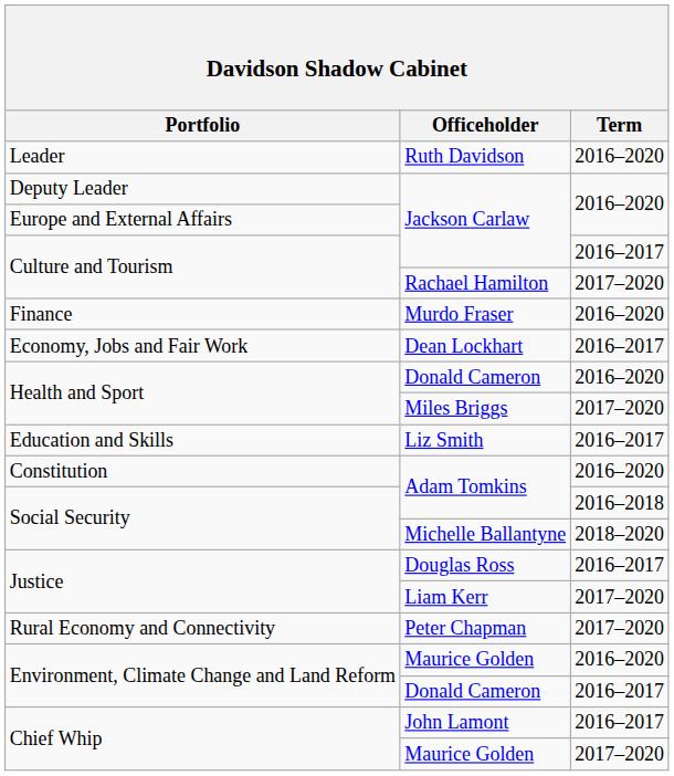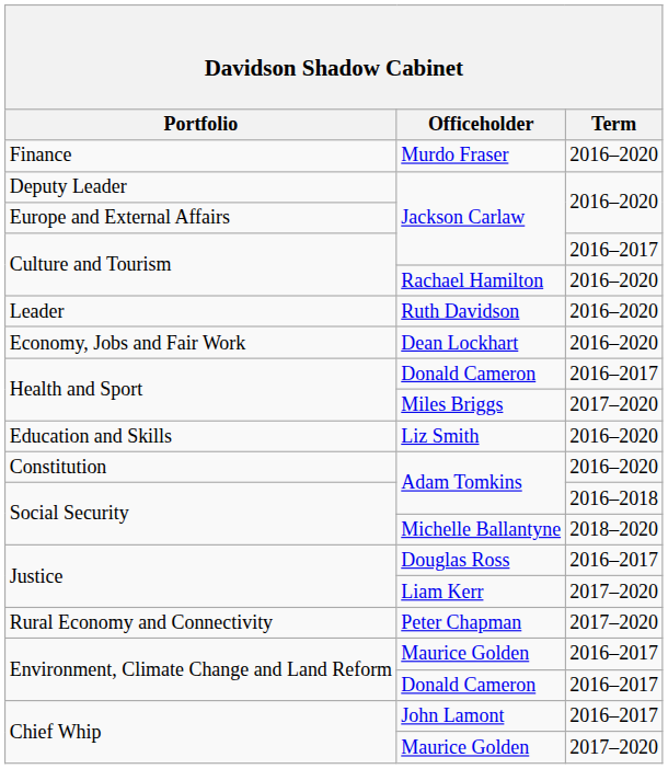 <table class="wikitable">
 <tr>
 <th colspan="3"><br><h3>Davidson Shadow Cabinet</h3></th>
 </tr>
 <tr>
 <th>Portfolio</th>
 <th>Officeholder</th>
 <th>Term</th>
 </tr>
 <tr>
-<td>Leader</td>
-<td><a href='#'>Ruth Davidson</a></td>
+<td>Finance</td>
+<td><a href='#'>Murdo Fraser</a></td>
 <td>2016–2020</td>
 </tr>
 <tr>
 <td>Deputy Leader</td>
 <td rowspan="3"><a href='#'>Jackson Carlaw</a></td>
 <td rowspan="2">2016–2020</td>
 </tr>
 <tr>
 <td>Europe and External Affairs</td>
 </tr>
 <tr>
 <td rowspan="2">Culture and Tourism</td>
 <td>2016–2017</td>
 </tr>
 <tr>
 <td><a href='#'>Rachael Hamilton</a></td>
-<td>2017–2020</td>
+<td>2016–2020</td>
 </tr>
 <tr>
-<td>Finance</td>
-<td><a href='#'>Murdo Fraser</a></td>
+<td>Leader</td>
+<td><a href='#'>Ruth Davidson</a></td>
 <td>2016–2020</td>
 </tr>
 <tr>
 <td>Economy, Jobs and Fair Work</td>
 <td><a href='#'>Dean Lockhart</a></td>
-<td>2016–2017</td>
+<td>2016–2020</td>
 </tr>
 <tr>
 <td rowspan="2">Health and Sport</td>
 <td><a href='#'>Donald Cameron</a></td>
-<td>2016–2020</td>
+<td>2016–2017</td>
 </tr>
 <tr>
 <td><a href='#'>Miles Briggs</a></td>
 <td>2017–2020</td>
 </tr>
 <tr>
 <td>Education and Skills</td>
 <td><a href='#'>Liz Smith</a></td>
-<td>2016–2017</td>
+<td>2016–2020</td>
 </tr>
 <tr>
 <td>Constitution</td>
 <td rowspan="2"><a href='#'>Adam Tomkins</a></td>
 <td>2016–2020</td>
 </tr>
 <tr>
 <td rowspan="2">Social Security</td>
 <td>2016–2018</td>
 </tr>
 <tr>
 <td><a href='#'>Michelle Ballantyne</a></td>
 <td>2018–2020</td>
 </tr>
 <tr>
 <td rowspan="2">Justice</td>
 <td><a href='#'>Douglas Ross</a></td>
 <td>2016–2017</td>
 </tr>
 <tr>
 <td><a href='#'>Liam Kerr</a></td>
 <td>2017–2020</td>
 </tr>
 <tr>
 <td>Rural Economy and Connectivity</td>
 <td><a href='#'>Peter Chapman</a></td>
 <td>2017–2020</td>
 </tr>
 <tr>
 <td rowspan="2">Environment, Climate Change and Land Reform</td>
 <td><a href='#'>Maurice Golden</a></td>
-<td>2016–2020</td>
+<td>2016–2017</td>
 </tr>
 <tr>
 <td><a href='#'>Donald Cameron</a></td>
 <td>2016–2017</td>
 </tr>
 <tr>
 <td rowspan="2">Chief Whip</td>
 <td><a href='#'>John Lamont</a></td>
 <td>2016–2017</td>
 </tr>
 <tr>
 <td><a href='#'>Maurice Golden</a></td>
 <td>2017–2020</td>
 </tr>
 </table>
